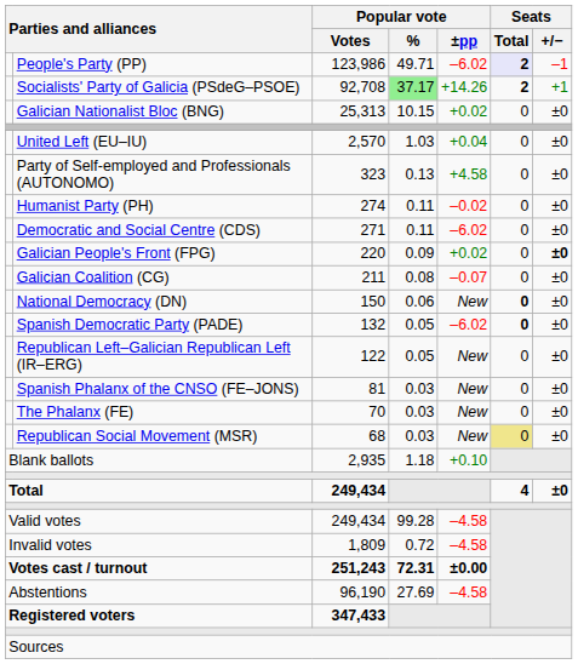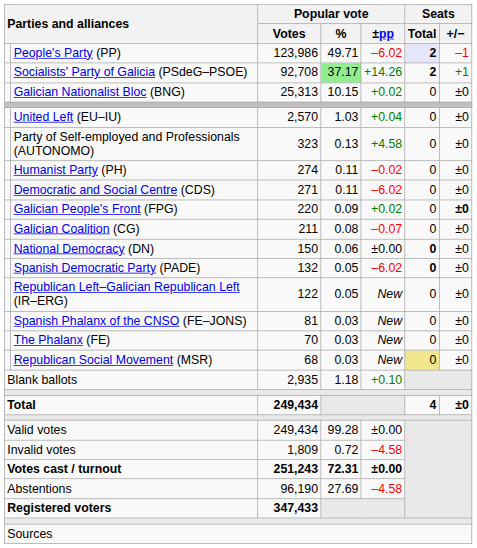 <table class="wikitable" style="text-align:right;">
 <tr>
 <th style="text-align:left;" rowspan="2" colspan="2" width="525">Parties and alliances</th>
 <th colspan="3">Popular vote</th>
 <th colspan="2">Seats</th>
 </tr>
 <tr>
 <th width="75">Votes</th>
 <th width="45">%</th>
 <th width="45">±<a href='#'>pp</a></th>
 <th width="35">Total</th>
 <th width="35">+/−</th>
 </tr>
 <tr>
 <td width="1" style="color:inherit;background:"></td>
 <td align="left"><a href='#'>People's Party</a> (PP)</td>
 <td>123,986</td>
 <td>49.71</td>
 <td style="color:red;">–6.02</td>
 <td style="background: lavender;"><strong>2</strong></td>
 <td style="color:red;">–1</td>
 </tr>
 <tr>
 <td style="color:inherit;background:"></td>
 <td align="left"><a href='#'>Socialists' Party of Galicia</a> (PSdeG–PSOE)</td>
 <td>92,708</td>
 <td style="background: lightgreen;">37.17</td>
 <td style="color:green;">+14.26</td>
 <td><strong>2</strong></td>
 <td style="color:green;">+1</td>
 </tr>
 <tr>
 <td style="color:inherit;background:"></td>
 <td align="left"><a href='#'>Galician Nationalist Bloc</a> (BNG)</td>
 <td>25,313</td>
 <td>10.15</td>
 <td style="color:green;">+0.02</td>
 <td>0</td>
 <td>±0</td>
 </tr>
 <tr>
 <td colspan="7" bgcolor="#C0C0C0"></td>
 </tr>
 <tr>
 <td style="color:inherit;background:"></td>
 <td align="left"><a href='#'>United Left</a> (EU–IU)</td>
 <td>2,570</td>
 <td>1.03</td>
 <td style="color:green;">+0.04</td>
 <td>0</td>
 <td>±0</td>
 </tr>
 <tr>
 <td style="color:inherit;background:"></td>
 <td align="left">Party of Self-employed and Professionals (AUTONOMO)</td>
 <td>323</td>
 <td>0.13</td>
 <td style="color:green;">+4.58</td>
 <td>0</td>
 <td>±0</td>
 </tr>
 <tr>
 <td style="color:inherit;background:"></td>
 <td align="left"><a href='#'>Humanist Party</a> (PH)</td>
 <td>274</td>
 <td>0.11</td>
 <td style="color:red;">–0.02</td>
 <td>0</td>
 <td>±0</td>
 </tr>
 <tr>
 <td style="color:inherit;background:"></td>
 <td align="left"><a href='#'>Democratic and Social Centre</a> (CDS)</td>
 <td>271</td>
 <td>0.11</td>
 <td style="color:red;">–6.02</td>
 <td>0</td>
 <td>±0</td>
 </tr>
 <tr>
 <td style="color:inherit;background:"></td>
 <td align="left"><a href='#'>Galician People's Front</a> (FPG)</td>
 <td>220</td>
 <td>0.09</td>
 <td style="color:green;">+0.02</td>
 <td>0</td>
 <td><strong>±0</strong></td>
 </tr>
 <tr>
 <td style="color:inherit;background:"></td>
 <td align="left"><a href='#'>Galician Coalition</a> (CG)</td>
 <td>211</td>
 <td>0.08</td>
 <td style="color:red;">–0.07</td>
 <td>0</td>
 <td>±0</td>
 </tr>
 <tr>
 <td style="color:inherit;background:"></td>
 <td align="left"><a href='#'>National Democracy</a> (DN)</td>
 <td>150</td>
 <td>0.06</td>
-<td><em>New</em></td>
+<td>±0.00</td>
 <td><strong>0</strong></td>
 <td>±0</td>
 </tr>
 <tr>
 <td style="color:inherit;background:"></td>
 <td align="left"><a href='#'>Spanish Democratic Party</a> (PADE)</td>
 <td>132</td>
 <td>0.05</td>
 <td style="color:red;">–6.02</td>
 <td><strong>0</strong></td>
 <td>±0</td>
 </tr>
 <tr>
 <td style="color:inherit;background:"></td>
 <td align="left"><a href='#'>Republican Left–Galician Republican Left</a> (IR–ERG)</td>
 <td>122</td>
 <td>0.05</td>
 <td><em>New</em></td>
 <td>0</td>
 <td>±0</td>
 </tr>
 <tr>
 <td style="color:inherit;background:"></td>
 <td align="left"><a href='#'>Spanish Phalanx of the CNSO</a> (FE–JONS)</td>
 <td>81</td>
 <td>0.03</td>
 <td><em>New</em></td>
 <td>0</td>
 <td>±0</td>
 </tr>
 <tr>
 <td style="color:inherit;background:"></td>
 <td align="left"><a href='#'>The Phalanx</a> (FE)</td>
 <td>70</td>
 <td>0.03</td>
 <td><em>New</em></td>
 <td>0</td>
 <td>±0</td>
 </tr>
 <tr>
 <td style="color:inherit;background:"></td>
 <td align="left"><a href='#'>Republican Social Movement</a> (MSR)</td>
 <td>68</td>
 <td>0.03</td>
 <td><em>New</em></td>
 <td style="background: khaki;">0</td>
 <td>±0</td>
 </tr>
 <tr>
 <td align="left" colspan="2">Blank ballots</td>
 <td>2,935</td>
 <td>1.18</td>
 <td style="color:green;">+0.10</td>
 <td bgcolor="#E9E9E9" colspan="2"></td>
 </tr>
 <tr>
 <td colspan="7" bgcolor="#E9E9E9"></td>
 </tr>
 <tr style="font-weight:bold;">
 <td align="left" colspan="2">Total</td>
 <td>249,434</td>
 <td bgcolor="#E9E9E9" colspan="2"></td>
 <td>4</td>
 <td>±0</td>
 </tr>
 <tr>
 <td colspan="7" bgcolor="#E9E9E9"></td>
 </tr>
 <tr>
 <td align="left" colspan="2">Valid votes</td>
 <td>249,434</td>
 <td>99.28</td>
-<td style="color:red;">–4.58</td>
+<td>±0.00</td>
 <td bgcolor="#E9E9E9" colspan="2" rowspan="5"></td>
 </tr>
 <tr>
 <td align="left" colspan="2">Invalid votes</td>
 <td>1,809</td>
 <td>0.72</td>
 <td style="color:red;">–4.58</td>
 </tr>
 <tr style="font-weight:bold;">
 <td align="left" colspan="2">Votes cast / turnout</td>
 <td>251,243</td>
 <td>72.31</td>
 <td>±0.00</td>
 </tr>
 <tr>
 <td align="left" colspan="2">Abstentions</td>
 <td>96,190</td>
 <td>27.69</td>
 <td style="color:red;">–4.58</td>
 </tr>
 <tr style="font-weight:bold;">
 <td align="left" colspan="2">Registered voters</td>
 <td>347,433</td>
 <td bgcolor="#E9E9E9" colspan="2"></td>
 </tr>
 <tr>
 <td colspan="7" bgcolor="#E9E9E9"></td>
 </tr>
 <tr>
 <td align="left" colspan="7">Sources</td>
 </tr>
 </table>
